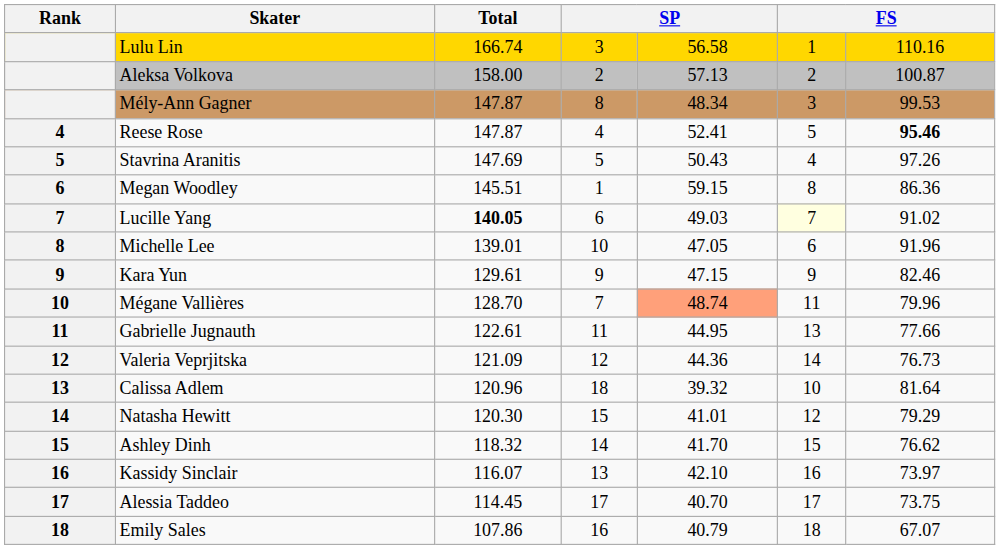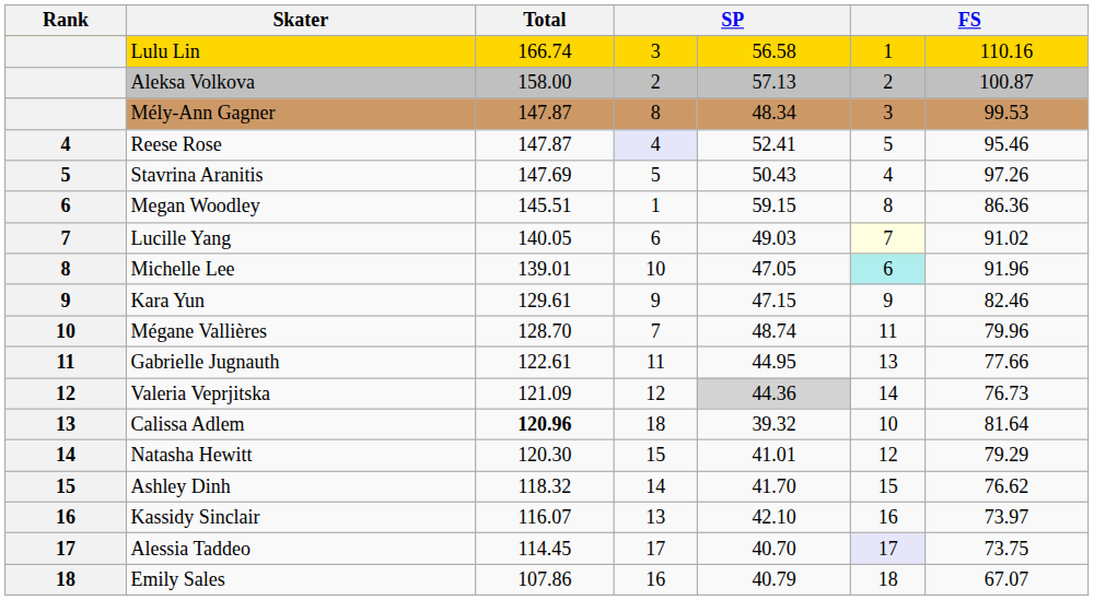 <table class="wikitable sortable" style="text-align:center; width:70%">
 <tr>
 <th scope="col">Rank</th>
 <th scope="col">Skater</th>
 <th scope="col">Total</th>
 <th scope="col" colspan="2" width="80px"><a href='#'>SP</a></th>
 <th scope="col" colspan="2" width="80px"><a href='#'>FS</a></th>
 </tr>
 <tr bgcolor="gold">
 <th scope="row"></th>
 <td align="left">Lulu Lin</td>
 <td>166.74</td>
 <td>3</td>
 <td>56.58</td>
 <td>1</td>
 <td>110.16</td>
 </tr>
 <tr bgcolor="silver">
 <th scope="row"></th>
 <td align="left">Aleksa Volkova</td>
 <td>158.00</td>
 <td>2</td>
 <td>57.13</td>
 <td>2</td>
 <td>100.87</td>
 </tr>
 <tr bgcolor="cc9966">
 <th scope="row"></th>
 <td align="left">Mély-Ann Gagner</td>
 <td>147.87</td>
 <td>8</td>
 <td>48.34</td>
 <td>3</td>
 <td>99.53</td>
 </tr>
 <tr>
 <th scope="row">4</th>
 <td align="left">Reese Rose</td>
 <td>147.87</td>
-<td>4</td>
+<td style="background: lavender;">4</td>
 <td>52.41</td>
 <td>5</td>
-<td><strong>95.46</strong></td>
+<td>95.46</td>
 </tr>
 <tr>
 <th scope="row">5</th>
 <td align="left">Stavrina Aranitis</td>
 <td>147.69</td>
 <td>5</td>
 <td>50.43</td>
 <td>4</td>
 <td>97.26</td>
 </tr>
 <tr>
 <th scope="row">6</th>
 <td align="left">Megan Woodley</td>
 <td>145.51</td>
 <td>1</td>
 <td>59.15</td>
 <td>8</td>
 <td>86.36</td>
 </tr>
 <tr>
 <th scope="row">7</th>
 <td align="left">Lucille Yang</td>
-<td><strong>140.05</strong></td>
+<td>140.05</td>
 <td>6</td>
 <td>49.03</td>
 <td style="background: lightyellow;">7</td>
 <td>91.02</td>
 </tr>
 <tr>
 <th scope="row">8</th>
 <td align="left">Michelle Lee</td>
 <td>139.01</td>
 <td>10</td>
 <td>47.05</td>
-<td>6</td>
+<td style="background: paleturquoise;">6</td>
 <td>91.96</td>
 </tr>
 <tr>
 <th scope="row">9</th>
 <td align="left">Kara Yun</td>
 <td>129.61</td>
 <td>9</td>
 <td>47.15</td>
 <td>9</td>
 <td>82.46</td>
 </tr>
 <tr>
 <th scope="row">10</th>
 <td align="left">Mégane Vallières</td>
 <td>128.70</td>
 <td>7</td>
-<td style="background: lightsalmon;">48.74</td>
+<td>48.74</td>
 <td>11</td>
 <td>79.96</td>
 </tr>
 <tr>
 <th scope="row">11</th>
 <td align="left">Gabrielle Jugnauth</td>
 <td>122.61</td>
 <td>11</td>
 <td>44.95</td>
 <td>13</td>
 <td>77.66</td>
 </tr>
 <tr>
 <th scope="row">12</th>
 <td align="left">Valeria Veprjitska</td>
 <td>121.09</td>
 <td>12</td>
-<td>44.36</td>
+<td style="background: lightgrey;">44.36</td>
 <td>14</td>
 <td>76.73</td>
 </tr>
 <tr>
 <th scope="row">13</th>
 <td align="left">Calissa Adlem</td>
-<td>120.96</td>
+<td><strong>120.96</strong></td>
 <td>18</td>
 <td>39.32</td>
 <td>10</td>
 <td>81.64</td>
 </tr>
 <tr>
 <th scope="row">14</th>
 <td align="left">Natasha Hewitt</td>
 <td>120.30</td>
 <td>15</td>
 <td>41.01</td>
 <td>12</td>
 <td>79.29</td>
 </tr>
 <tr>
 <th scope="row">15</th>
 <td align="left">Ashley Dinh</td>
 <td>118.32</td>
 <td>14</td>
 <td>41.70</td>
 <td>15</td>
 <td>76.62</td>
 </tr>
 <tr>
 <th scope="row">16</th>
 <td align="left">Kassidy Sinclair</td>
 <td>116.07</td>
 <td>13</td>
 <td>42.10</td>
 <td>16</td>
 <td>73.97</td>
 </tr>
 <tr>
 <th scope="row">17</th>
 <td align="left">Alessia Taddeo</td>
 <td>114.45</td>
 <td>17</td>
 <td>40.70</td>
-<td>17</td>
+<td style="background: lavender;">17</td>
 <td>73.75</td>
 </tr>
 <tr>
 <th scope="row">18</th>
 <td align="left">Emily Sales</td>
 <td>107.86</td>
 <td>16</td>
 <td>40.79</td>
 <td>18</td>
 <td>67.07</td>
 </tr>
 </table>
